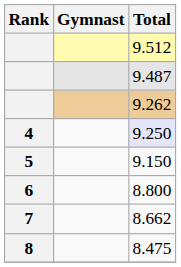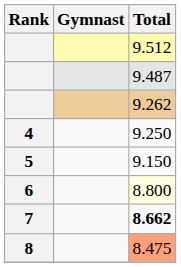 <table class="wikitable sortable" style="text-align:center; font-size:95%">
 <tr>
 <th scope=col>Rank</th>
 <th scope=col>Gymnast</th>
 <th scope=col>Total</th>
 </tr>
 <tr bgcolor=fffcaf>
 <th scope=row style="text-align:center"></th>
 <td align=left></td>
 <td>9.512</td>
 </tr>
 <tr bgcolor=e5e5e5>
 <th scope=row style="text-align:center"></th>
 <td align=left></td>
 <td>9.487</td>
 </tr>
 <tr bgcolor=eecc99>
 <th scope=row style="text-align:center"></th>
 <td align=left></td>
 <td>9.262</td>
 </tr>
 <tr>
 <th scope=row style="text-align:center">4</th>
 <td align=left></td>
-<td style="background: lavender;">9.250</td>
+<td>9.250</td>
 </tr>
 <tr>
 <th scope=row style="text-align:center">5</th>
 <td align=left></td>
 <td>9.150</td>
 </tr>
 <tr>
 <th scope=row style="text-align:center">6</th>
 <td align=left></td>
-<td>8.800</td>
+<td style="background: lightyellow;">8.800</td>
 </tr>
 <tr>
 <th scope=row style="text-align:center">7</th>
 <td align=left></td>
-<td>8.662</td>
+<td><strong>8.662</strong></td>
 </tr>
 <tr>
 <th scope=row style="text-align:center">8</th>
 <td align=left></td>
-<td>8.475</td>
+<td style="background: lightsalmon;">8.475</td>
 </tr>
 <tr>
 </tr>
 </table>
